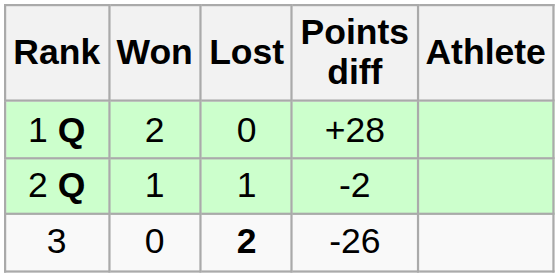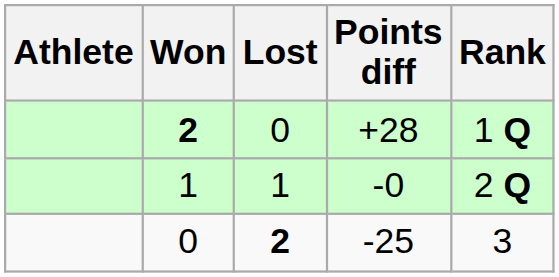 <table class="wikitable">
 <tr>
-<th>Rank</th>
+<th>Athlete</th>
 <th>Won</th>
 <th>Lost</th>
 <th>Points<br>diff</th>
-<th>Athlete</th>
+<th>Rank</th>
 </tr>
 <tr bgcolor="#ccffcc">
-<td align="center">1 <strong>Q</strong></td>
-<td align="center">2</td>
+<td><strong></strong></td>
+<td align="center"><strong>2</strong></td>
 <td align="center">0</td>
 <td align="center">+28</td>
-<td><strong></strong></td>
+<td align="center">1 <strong>Q</strong></td>
 </tr>
 <tr bgcolor="#ccffcc">
-<td align="center">2 <strong>Q</strong></td>
+<td><strong></strong></td>
 <td align="center">1</td>
 <td align="center">1</td>
-<td align="center">-2</td>
-<td><strong></strong></td>
+<td align="center">-0</td>
+<td align="center">2 <strong>Q</strong></td>
 </tr>
 <tr>
-<td align="center">3 <strong></strong></td>
+<td></td>
 <td align="center">0</td>
 <td align="center"><strong>2</strong></td>
-<td align="center">-26</td>
-<td></td>
+<td align="center">-25</td>
+<td align="center">3 <strong></strong></td>
 </tr>
 </table>
